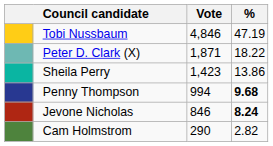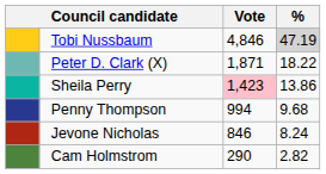 <table class="wikitable">
 <tr>
 <th width="230px" colspan="2">Council candidate</th>
 <th width="50px">Vote</th>
 <th width="30px">%</th>
 </tr>
 <tr>
 <td bgcolor=#FFCD16 width="30px"> </td>
 <td>  <a href='#'>Tobi Nussbaum</a></td>
 <td>4,846</td>
-<td>47.19</td>
+<td style="background: lightgrey;">47.19</td>
 </tr>
 <tr>
 <td bgcolor=#6EB8B3 width="30px"> </td>
 <td>  <a href='#'>Peter D. Clark</a> (X)</td>
 <td>1,871</td>
 <td>18.22</td>
 </tr>
 <tr>
 <td bgcolor=#0AB5A2 width="30px"> </td>
 <td>  Sheila Perry</td>
-<td>1,423</td>
+<td style="background: pink;">1,423</td>
 <td>13.86</td>
 </tr>
 <tr>
 <td bgcolor=#283891 width="30px"> </td>
 <td>  Penny Thompson</td>
 <td>994</td>
-<td><strong>9.68</strong></td>
+<td>9.68</td>
 </tr>
 <tr>
 <td bgcolor=#AF2613 width="30px"> </td>
 <td>  Jevone Nicholas</td>
 <td>846</td>
-<td><strong>8.24</strong></td>
+<td>8.24</td>
 </tr>
 <tr>
 <td bgcolor=#4E833D width="30px"> </td>
 <td>  Cam Holmstrom</td>
 <td>290</td>
 <td>2.82</td>
 </tr>
 </table>
